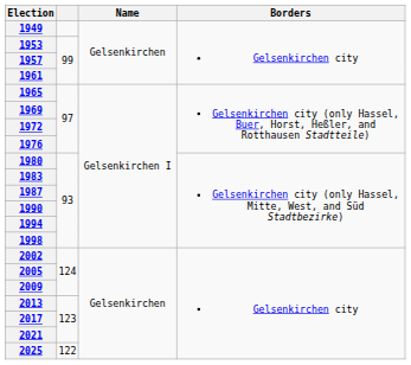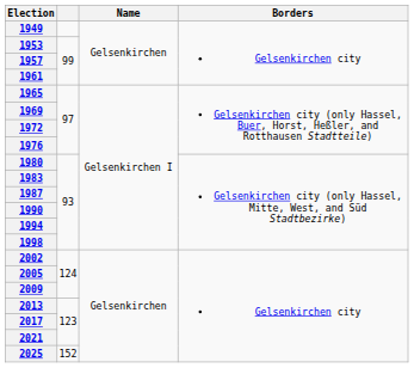 <table class=wikitable style="text-align:center">
 <tr>
 <th>Election</th>
 <th></th>
 <th width=125px>Name</th>
 <th width=300px>Borders</th>
 </tr>
 <tr>
 <th><a href='#'>1949</a></th>
 <td></td>
 <td rowspan=4>Gelsenkirchen</td>
 <td rowspan=4><br><ul><li><a href='#'>Gelsenkirchen</a> city</li></ul></td>
 </tr>
 <tr>
 <th><a href='#'>1953</a></th>
 <td rowspan=3>99</td>
 </tr>
 <tr>
 <th><a href='#'>1957</a></th>
 </tr>
 <tr>
 <th><a href='#'>1961</a></th>
 </tr>
 <tr>
 <th><a href='#'>1965</a></th>
 <td rowspan=4>97</td>
 <td rowspan=10>Gelsenkirchen I</td>
 <td rowspan=4><br><ul><li><a href='#'>Gelsenkirchen</a> city (only Hassel, <a href='#'>Buer</a>, Horst, Heßler, and Rotthausen <em>Stadtteile</em>)</li></ul></td>
 </tr>
 <tr>
 <th><a href='#'>1969</a></th>
 </tr>
 <tr>
 <th><a href='#'>1972</a></th>
 </tr>
 <tr>
 <th><a href='#'>1976</a></th>
 </tr>
 <tr>
 <th><a href='#'>1980</a></th>
 <td rowspan=6>93</td>
 <td rowspan=6><br><ul><li><a href='#'>Gelsenkirchen</a> city (only Hassel, Mitte, West, and Süd <em>Stadtbezirke</em>)</li></ul></td>
 </tr>
 <tr>
 <th><a href='#'>1983</a></th>
 </tr>
 <tr>
 <th><a href='#'>1987</a></th>
 </tr>
 <tr>
 <th><a href='#'>1990</a></th>
 </tr>
 <tr>
 <th><a href='#'>1994</a></th>
 </tr>
 <tr>
 <th><a href='#'>1998</a></th>
 </tr>
 <tr>
 <th><a href='#'>2002</a></th>
 <td rowspan=3>124</td>
 <td rowspan=7>Gelsenkirchen</td>
 <td rowspan=7><br><ul><li><a href='#'>Gelsenkirchen</a> city</li></ul></td>
 </tr>
 <tr>
 <th><a href='#'>2005</a></th>
 </tr>
 <tr>
 <th><a href='#'>2009</a></th>
 </tr>
 <tr>
 <th><a href='#'>2013</a></th>
 <td rowspan=3>123</td>
 </tr>
 <tr>
 <th><a href='#'>2017</a></th>
 </tr>
 <tr>
 <th><a href='#'>2021</a></th>
 </tr>
 <tr>
 <th><a href='#'>2025</a></th>
-<td>122</td>
+<td>152</td>
 </tr>
 </table>
